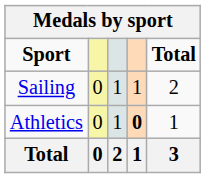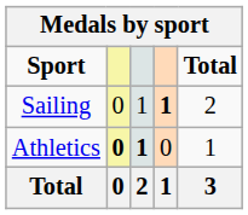 <table class="wikitable" style="font-size:85%; float:right">
 <tr bgcolor=#efefef>
 <th colspan=7><strong>Medals by sport</strong></th>
 </tr>
 <tr align=center>
 <td><strong>Sport</strong></td>
 <td bgcolor=#f7f6a8></td>
 <td bgcolor=#dce5e5></td>
 <td bgcolor=#ffdab9></td>
 <td><strong>Total</strong></td>
 </tr>
 <tr align=center>
 <td><a href='#'>Sailing</a></td>
 <td bgcolor=#f7f6a8>0</td>
 <td bgcolor=#dce5e5>1</td>
-<td bgcolor=#ffdab9>1</td>
+<td bgcolor=#ffdab9><strong>1</strong></td>
 <td>2</td>
 </tr>
 <tr align=center>
 <td><a href='#'>Athletics</a></td>
-<td bgcolor=#f7f6a8>0</td>
-<td bgcolor=#dce5e5>1</td>
-<td bgcolor=#ffdab9><strong>0</strong></td>
+<td bgcolor=#f7f6a8><strong>0</strong></td>
+<td bgcolor=#dce5e5><strong>1</strong></td>
+<td bgcolor=#ffdab9>0</td>
 <td>1</td>
 </tr>
 <tr align=center>
 <th><strong>Total</strong></th>
 <th bgcolor=gold><strong>0</strong></th>
 <th bgcolor=silver><strong>2</strong></th>
 <th bgcolor=#c96><strong>1</strong></th>
 <th><strong>3</strong></th>
 </tr>
 </table>
